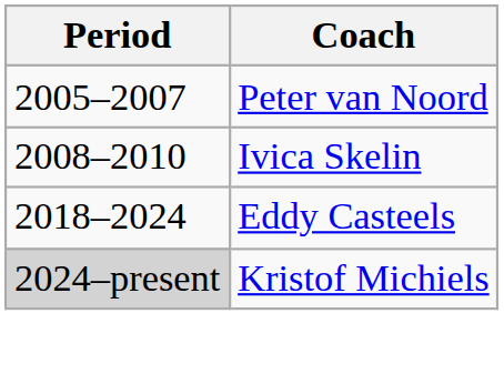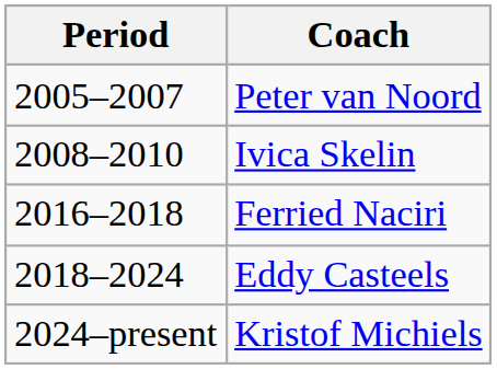 <table class="wikitable sortable">
 <tr>
 <th>Period</th>
 <th>Coach</th>
 </tr>
 <tr>
 <td>2005–2007</td>
 <td> <a href='#'>Peter van Noord</a></td>
 </tr>
 <tr>
 <td>2008–2010</td>
 <td> <a href='#'>Ivica Skelin</a></td>
 </tr>
 <tr>
+<td>2016–2018</td>
+<td> <a href='#'>Ferried Naciri</a></td>
+</tr>
+<tr>
 <td>2018–2024</td>
 <td> <a href='#'>Eddy Casteels</a></td>
 </tr>
 <tr>
-<td style="background: lightgrey;">2024–present</td>
+<td>2024–present</td>
 <td> <a href='#'>Kristof Michiels</a></td>
 </tr>
 </table>
